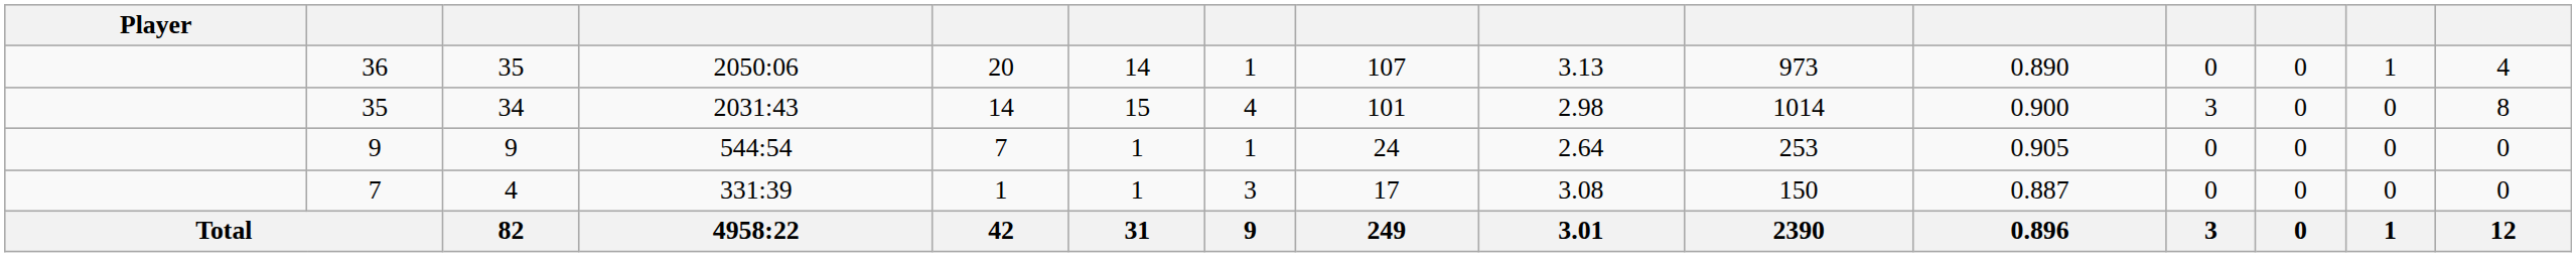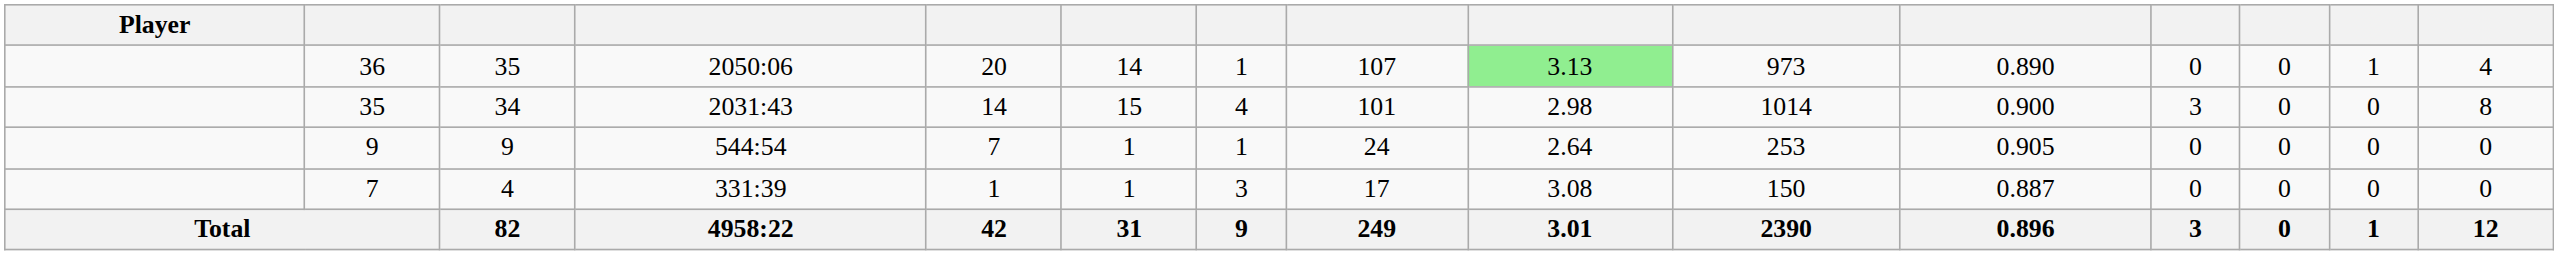 <table class="wikitable sortable" style="width:100%; text-align:center;">
 <tr>
 <th>Player</th>
 <th></th>
 <th></th>
 <th></th>
 <th></th>
 <th></th>
 <th></th>
 <th></th>
 <th></th>
 <th></th>
 <th></th>
 <th></th>
 <th></th>
 <th></th>
 <th></th>
 </tr>
 <tr>
 <td></td>
 <td>36</td>
 <td>35</td>
 <td>2050:06</td>
 <td>20</td>
 <td>14</td>
 <td>1</td>
 <td>107</td>
-<td>3.13</td>
+<td style="background: lightgreen;">3.13</td>
 <td>973</td>
 <td>0.890</td>
 <td>0</td>
 <td>0</td>
 <td>1</td>
 <td>4</td>
 </tr>
 <tr>
 <td></td>
 <td>35</td>
 <td>34</td>
 <td>2031:43</td>
 <td>14</td>
 <td>15</td>
 <td>4</td>
 <td>101</td>
 <td>2.98</td>
 <td>1014</td>
 <td>0.900</td>
 <td>3</td>
 <td>0</td>
 <td>0</td>
 <td>8</td>
 </tr>
 <tr>
 <td></td>
 <td>9</td>
 <td>9</td>
 <td>544:54</td>
 <td>7</td>
 <td>1</td>
 <td>1</td>
 <td>24</td>
 <td>2.64</td>
 <td>253</td>
 <td>0.905</td>
 <td>0</td>
 <td>0</td>
 <td>0</td>
 <td>0</td>
 </tr>
 <tr>
 <td></td>
 <td>7</td>
 <td>4</td>
 <td>331:39</td>
 <td>1</td>
 <td>1</td>
 <td>3</td>
 <td>17</td>
 <td>3.08</td>
 <td>150</td>
 <td>0.887</td>
 <td>0</td>
 <td>0</td>
 <td>0</td>
 <td>0</td>
 </tr>
 <tr class="sortbottom">
 <th colspan=2>Total</th>
 <th>82</th>
 <th>4958:22</th>
 <th>42</th>
 <th>31</th>
 <th>9</th>
 <th>249</th>
 <th>3.01</th>
 <th>2390</th>
 <th>0.896</th>
 <th>3</th>
 <th>0</th>
 <th>1</th>
 <th>12</th>
 </tr>
 </table>
